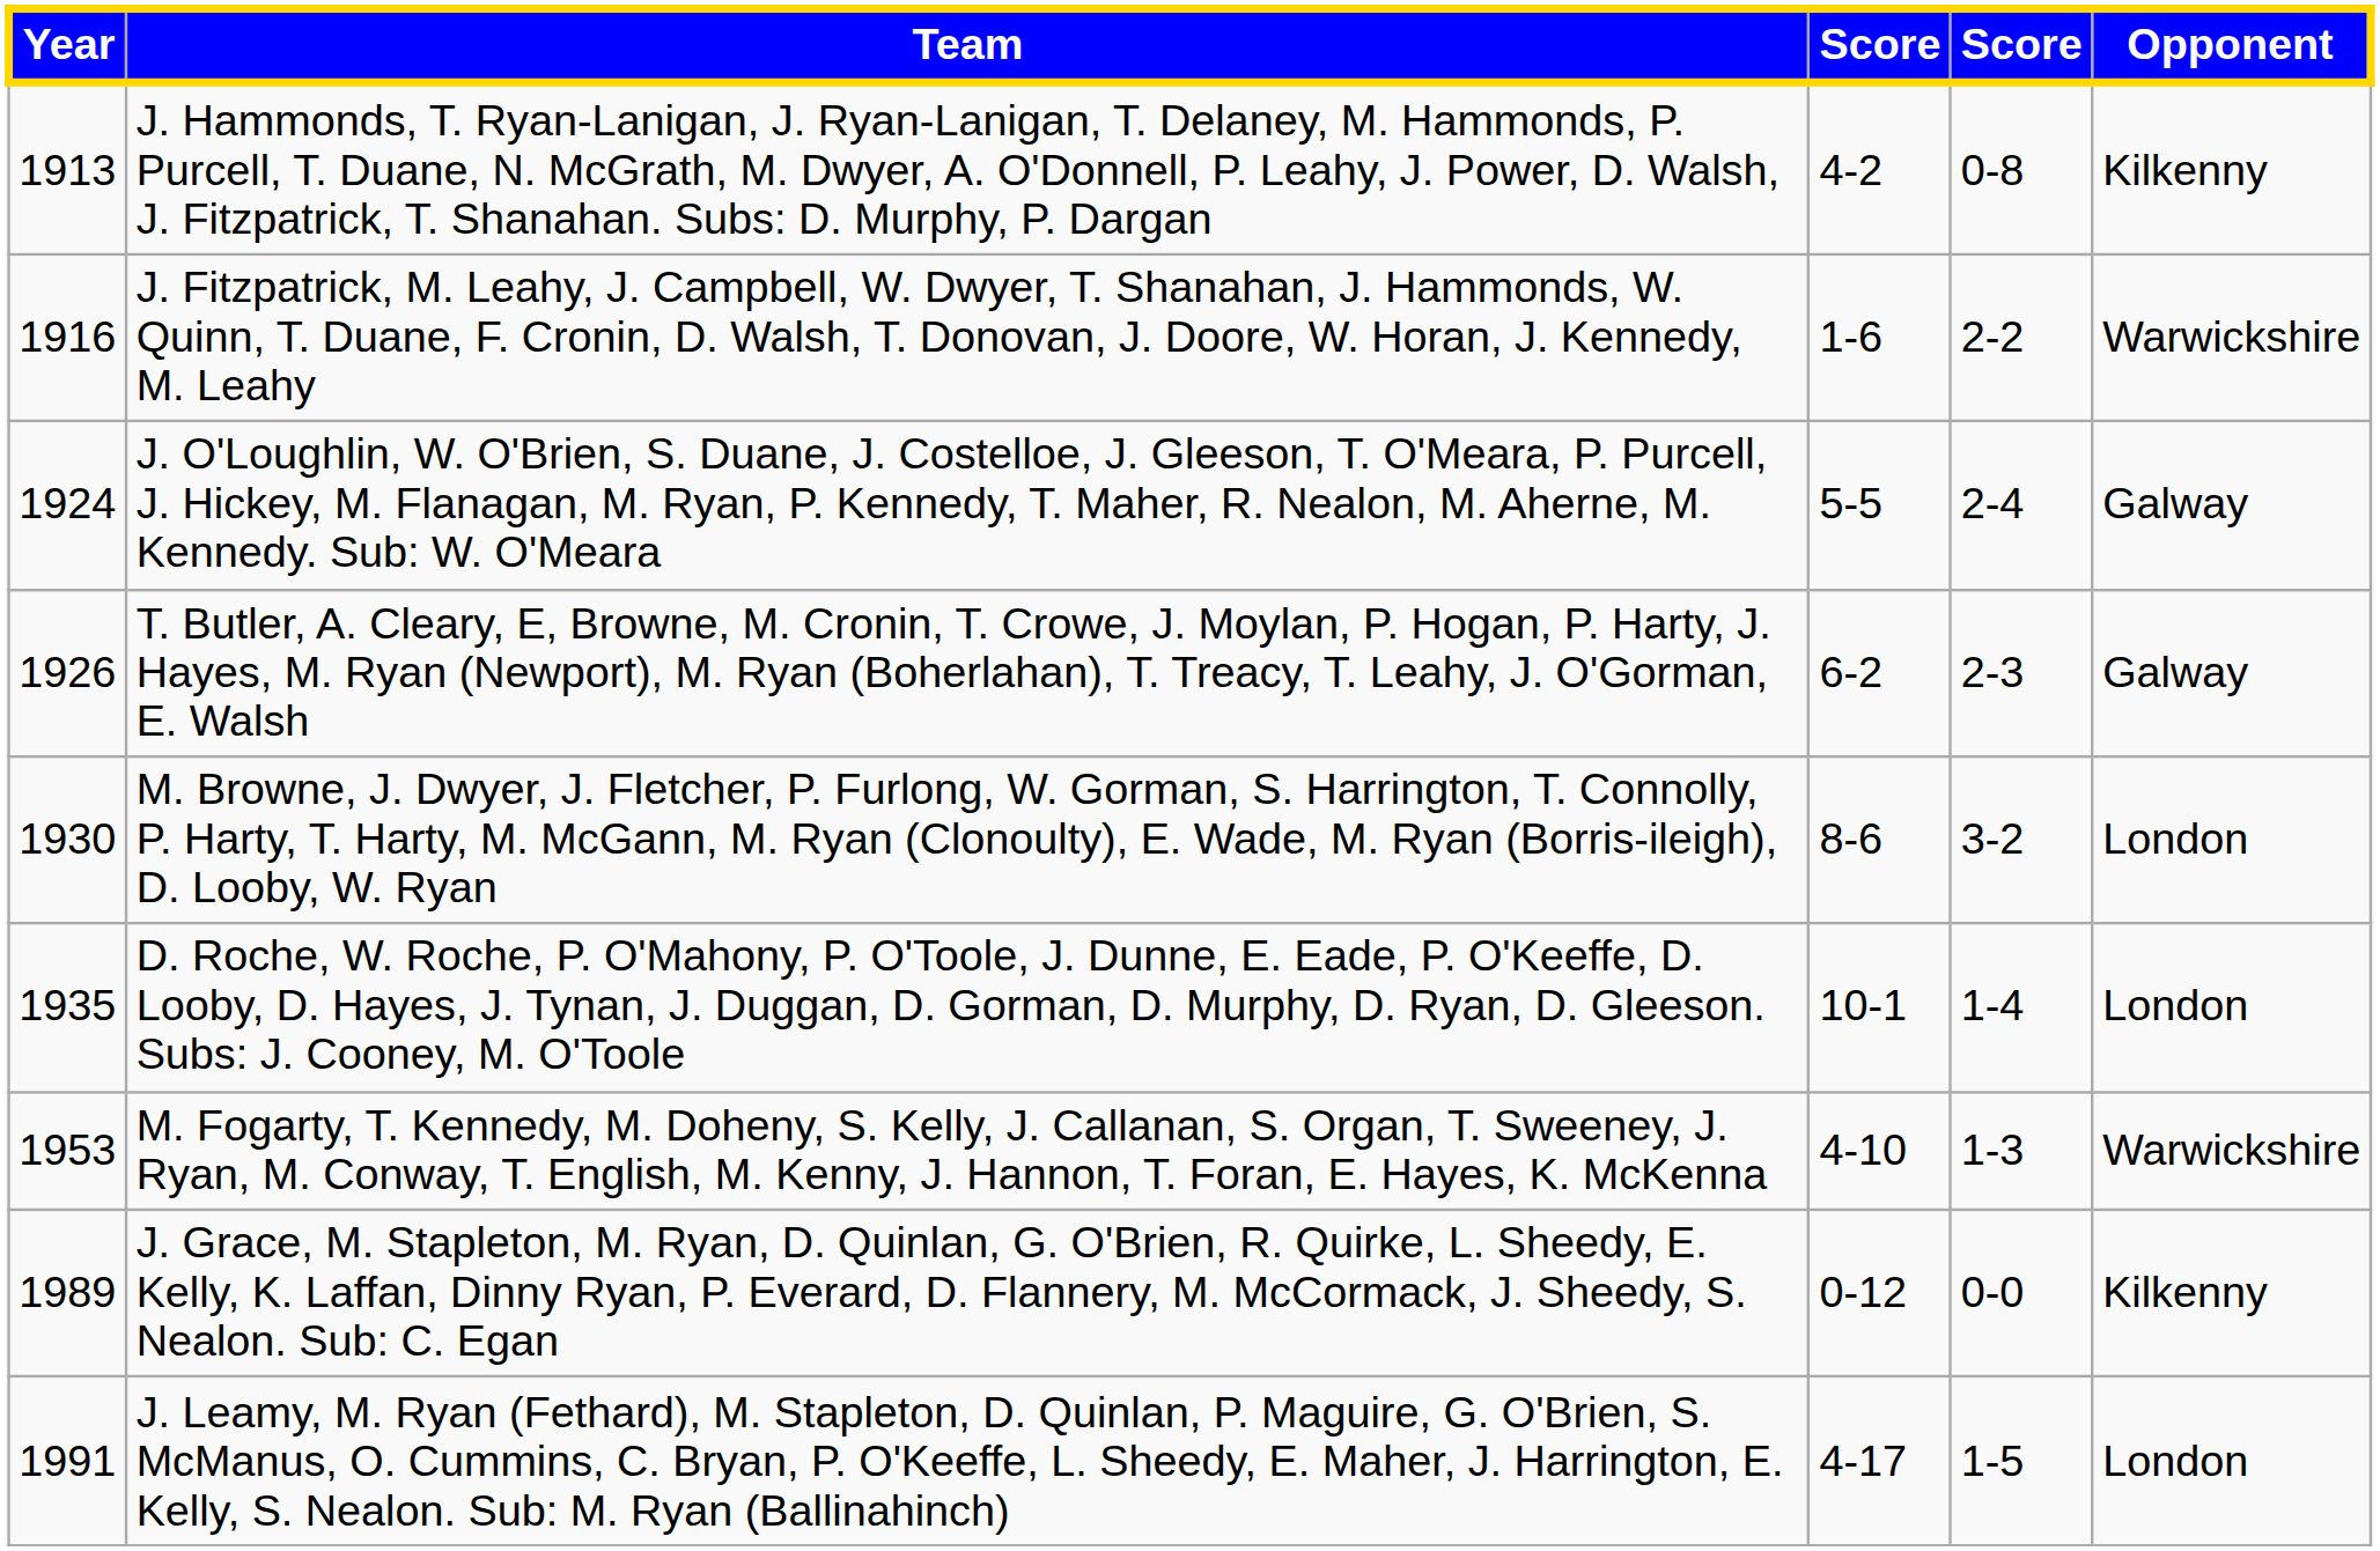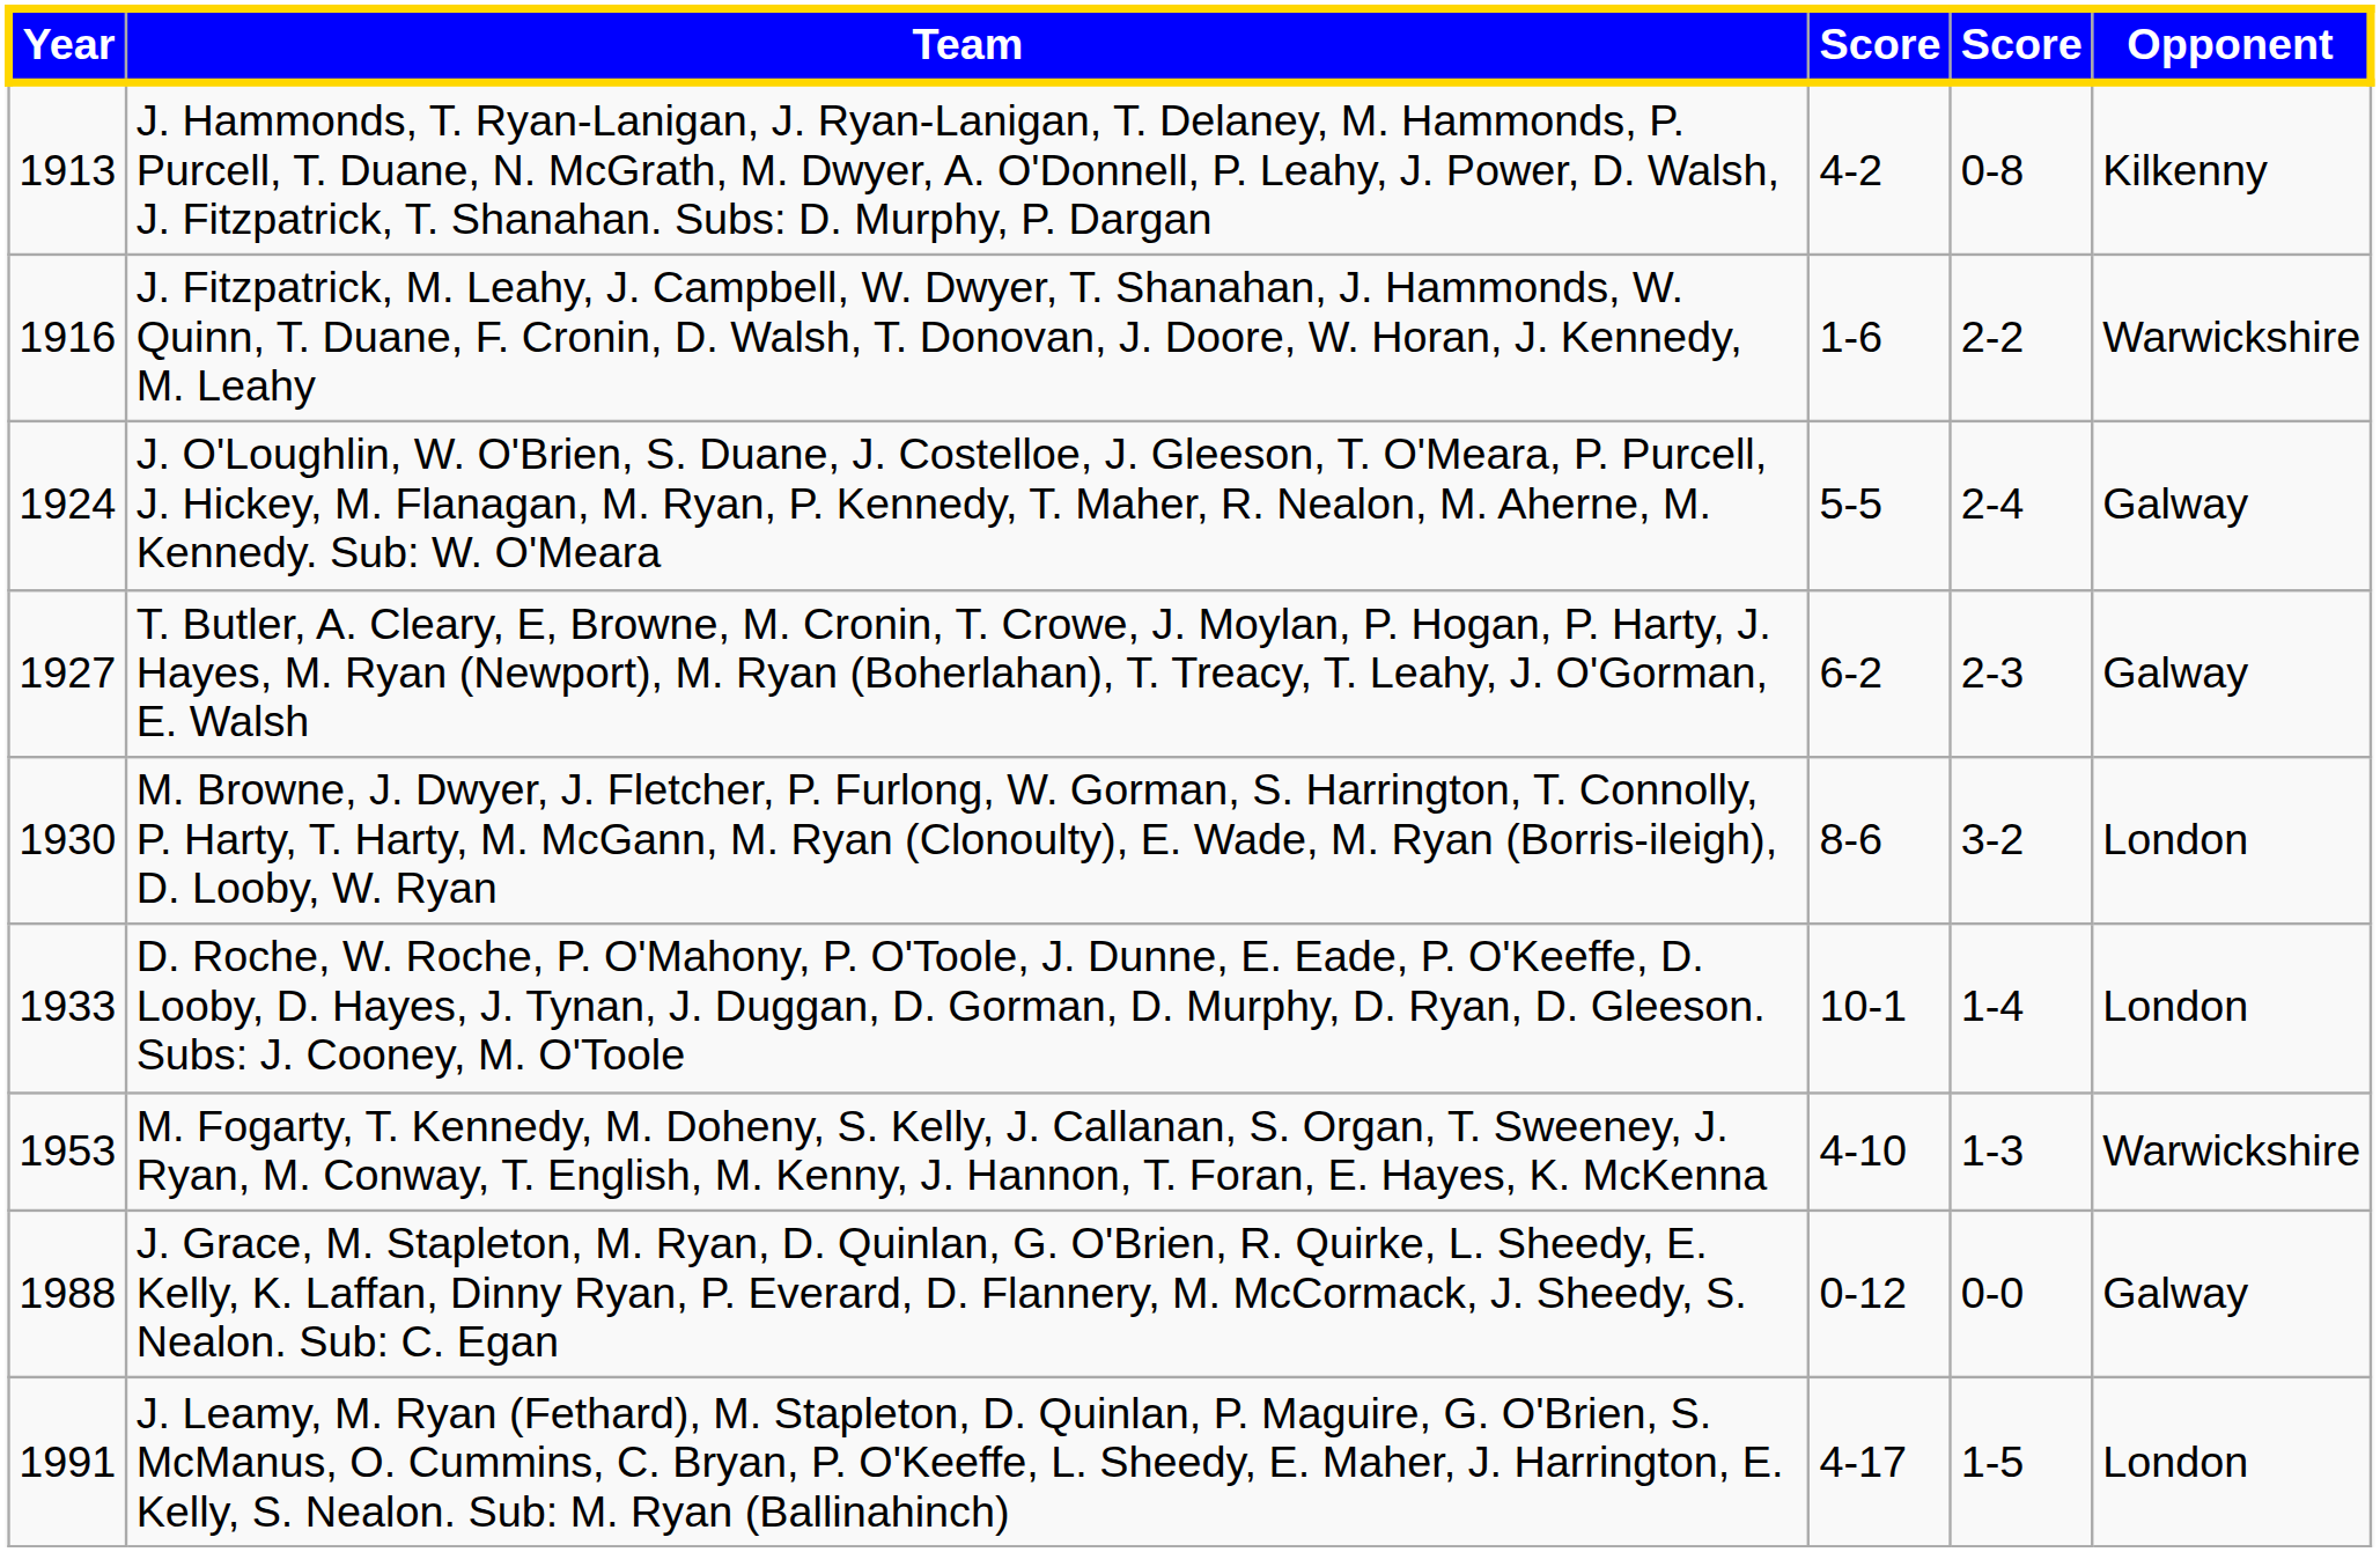 <table class="wikitable">
 <tr style="text-align:center;background:blue; color:white; border:3px solid gold">
 <td><strong>Year</strong></td>
 <td><strong>Team</strong></td>
 <td><strong>Score</strong></td>
 <td><strong>Score</strong></td>
 <td><strong>Opponent</strong></td>
 </tr>
 <tr>
 <td>1913</td>
 <td>J. Hammonds, T. Ryan-Lanigan, J. Ryan-Lanigan, T. Delaney, M. Hammonds, P. Purcell, T. Duane, N. McGrath, M. Dwyer, A. O'Donnell, P. Leahy, J. Power, D. Walsh, J. Fitzpatrick, T. Shanahan. Subs: D. Murphy, P. Dargan</td>
 <td>4-2</td>
 <td>0-8</td>
 <td>Kilkenny</td>
 </tr>
 <tr>
 <td>1916</td>
 <td>J. Fitzpatrick, M. Leahy, J. Campbell, W. Dwyer, T. Shanahan, J. Hammonds, W. Quinn, T. Duane, F. Cronin, D. Walsh, T. Donovan, J. Doore, W. Horan, J. Kennedy, M. Leahy</td>
 <td>1-6</td>
 <td>2-2</td>
 <td>Warwickshire</td>
 </tr>
 <tr>
 <td>1924</td>
 <td>J. O'Loughlin, W. O'Brien, S. Duane, J. Costelloe, J. Gleeson, T. O'Meara, P. Purcell, J. Hickey, M. Flanagan, M. Ryan, P. Kennedy, T. Maher, R. Nealon, M. Aherne, M. Kennedy. Sub: W. O'Meara</td>
 <td>5-5</td>
 <td>2-4</td>
 <td>Galway</td>
 </tr>
 <tr>
-<td>1926</td>
+<td>1927</td>
 <td>T. Butler, A. Cleary, E, Browne, M. Cronin, T. Crowe, J. Moylan, P. Hogan, P. Harty, J. Hayes, M. Ryan (Newport), M. Ryan (Boherlahan), T. Treacy, T. Leahy, J. O'Gorman, E. Walsh</td>
 <td>6-2</td>
 <td>2-3</td>
 <td>Galway</td>
 </tr>
 <tr>
 <td>1930</td>
 <td>M. Browne, J. Dwyer, J. Fletcher, P. Furlong, W. Gorman, S. Harrington, T. Connolly, P. Harty, T. Harty, M. McGann, M. Ryan (Clonoulty), E. Wade, M. Ryan (Borris-ileigh), D. Looby, W. Ryan</td>
 <td>8-6</td>
 <td>3-2</td>
 <td>London</td>
 </tr>
 <tr>
-<td>1935</td>
+<td>1933</td>
 <td>D. Roche, W. Roche, P. O'Mahony, P. O'Toole, J. Dunne, E. Eade, P. O'Keeffe, D. Looby, D. Hayes, J. Tynan, J. Duggan, D. Gorman, D. Murphy, D. Ryan, D. Gleeson. Subs: J. Cooney, M. O'Toole</td>
 <td>10-1</td>
 <td>1-4</td>
 <td>London</td>
 </tr>
 <tr>
 <td>1953</td>
 <td>M. Fogarty, T. Kennedy, M. Doheny, S. Kelly, J. Callanan, S. Organ, T. Sweeney, J. Ryan, M. Conway, T. English, M. Kenny, J. Hannon, T. Foran, E. Hayes, K. McKenna</td>
 <td>4-10</td>
 <td>1-3</td>
 <td>Warwickshire</td>
 </tr>
 <tr>
-<td>1989</td>
+<td>1988</td>
 <td>J. Grace, M. Stapleton, M. Ryan, D. Quinlan, G. O'Brien, R. Quirke, L. Sheedy, E. Kelly, K. Laffan, Dinny Ryan, P. Everard, D. Flannery, M. McCormack, J. Sheedy, S. Nealon. Sub: C. Egan</td>
 <td>0-12</td>
 <td>0-0</td>
-<td>Kilkenny</td>
+<td>Galway</td>
 </tr>
 <tr>
 <td>1991</td>
 <td>J. Leamy, M. Ryan (Fethard), M. Stapleton, D. Quinlan, P. Maguire, G. O'Brien, S. McManus, O. Cummins, C. Bryan, P. O'Keeffe, L. Sheedy, E. Maher, J. Harrington, E. Kelly, S. Nealon. Sub: M. Ryan (Ballinahinch)</td>
 <td>4-17</td>
 <td>1-5</td>
 <td>London</td>
 </tr>
 </table>
